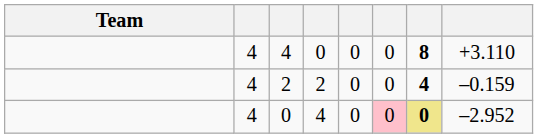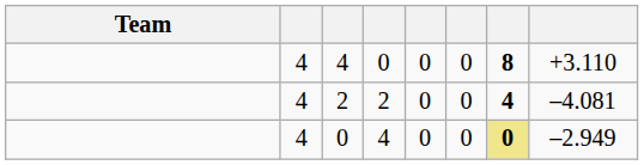 <table class="wikitable" style="text-align:center">
 <tr>
 <th style="width:175px;">Team</th>
 <th style="width:20px;"></th>
 <th style="width:20px;"></th>
 <th style="width:20px;"></th>
 <th style="width:20px;"></th>
 <th style="width:20px;"></th>
 <th style="width:20px;"></th>
 <th style="width:65px;"></th>
 </tr>
 <tr>
 <td style="text-align:left"></td>
 <td>4</td>
 <td>4</td>
 <td>0</td>
 <td>0</td>
 <td>0</td>
 <td><strong>8</strong></td>
 <td>+3.110</td>
 </tr>
 <tr>
 <td style="text-align:left"></td>
 <td>4</td>
 <td>2</td>
 <td>2</td>
 <td>0</td>
 <td>0</td>
 <td><strong>4</strong></td>
-<td>–0.159</td>
+<td>–4.081</td>
 </tr>
 <tr>
 <td style="text-align:left"></td>
 <td>4</td>
 <td>0</td>
 <td>4</td>
 <td>0</td>
-<td style="background: pink;">0</td>
+<td>0</td>
 <td style="background: khaki;"><strong>0</strong></td>
-<td>–2.952</td>
+<td>–2.949</td>
 </tr>
 </table>
